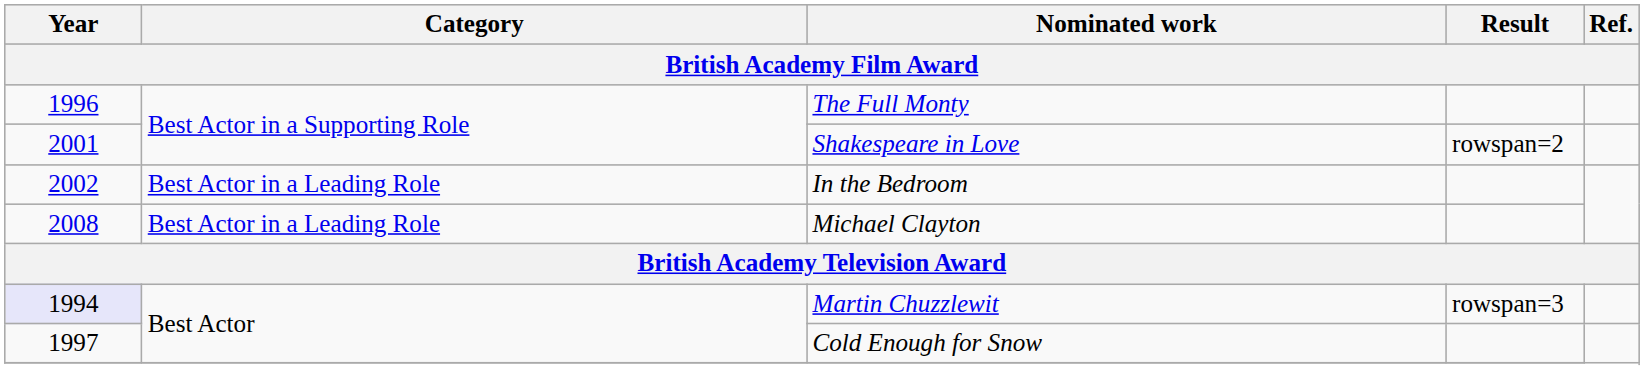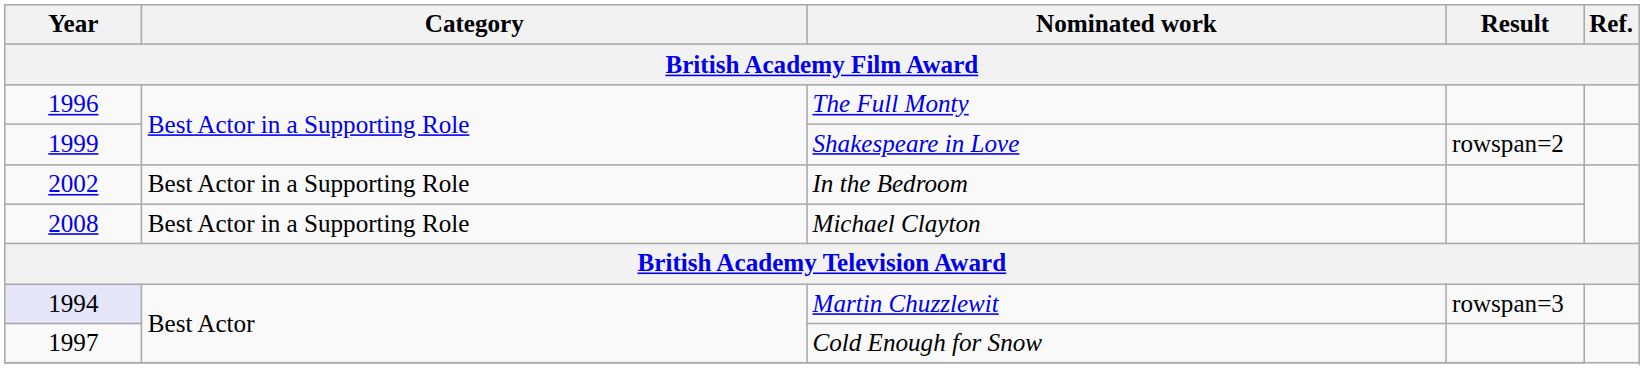 <table class=wikitable>
 <tr>
 <th scope="col" style="width:5em;">Year</th>
 <th scope="col" style="width:26em;">Category</th>
 <th scope="col" style="width:25em;">Nominated work</th>
 <th scope="col" style="width:5em;">Result</th>
 <th>Ref.</th>
 </tr>
 <tr>
 <th colspan=5><a href='#'>British Academy Film Award</a></th>
 </tr>
 <tr>
 <td style="text-align:center;"><a href='#'>1996</a></td>
 <td rowspan=2><a href='#'>Best Actor in a Supporting Role</a></td>
 <td><em><a href='#'>The Full Monty</a></em></td>
 <td></td>
 <td></td>
 </tr>
 <tr>
-<td style="text-align:center;"><a href='#'>2001</a></td>
+<td style="text-align:center;"><a href='#'>1999</a></td>
 <td><em><a href='#'>Shakespeare in Love</a></em></td>
 <td>rowspan=2  </td>
 <td></td>
 </tr>
 <tr>
 <td style="text-align:center;"><a href='#'>2002</a></td>
-<td><a href='#'>Best Actor in a Leading Role</a></td>
+<td>Best Actor in a Supporting Role</td>
 <td><em>In the Bedroom</em></td>
 <td></td>
 </tr>
 <tr>
 <td style="text-align:center;"><a href='#'>2008</a></td>
-<td><a href='#'>Best Actor in a Leading Role</a></td>
+<td>Best Actor in a Supporting Role</td>
 <td><em>Michael Clayton</em></td>
 <td></td>
 </tr>
 <tr>
 <th colspan=5><a href='#'>British Academy Television Award</a></th>
 </tr>
 <tr>
 <td style="background: lavender; text-align:center;">1994</td>
 <td rowspan=2>Best Actor</td>
 <td><em><a href='#'>Martin Chuzzlewit</a></em></td>
 <td>rowspan=3  </td>
 <td></td>
 </tr>
 <tr>
 <td style="text-align:center;">1997</td>
 <td><em>Cold Enough for Snow</em></td>
 <td></td>
 </tr>
 <tr>
 </tr>
 </table>
